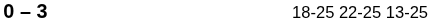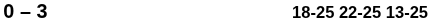 <table>
 <tr>
 <th width=200></th>
 <th width=80></th>
 <th width=200></th>
 <th width=220></th>
 </tr>
 <tr>
 <td align=right></td>
 <td align=center><strong>0 – 3</strong></td>
 <td><strong></strong></td>
-<td><small>18-25 22-25 13-25</small></td>
+<td><strong><small>18-25 22-25 13-25</small></strong></td>
 </tr>
 </table>
